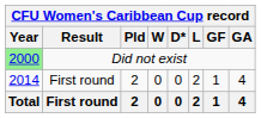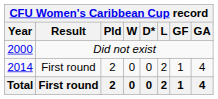 <table class="wikitable" style="text-align: center;">
 <tr>
 <th colspan=8><a href='#'>CFU Women's Caribbean Cup</a> record</th>
 </tr>
 <tr>
 <th>Year</th>
 <th>Result</th>
 <th>Pld</th>
 <th>W</th>
 <th>D*</th>
 <th>L</th>
 <th>GF</th>
 <th>GA</th>
 </tr>
 <tr>
-<td style="background: lightgreen;"> <a href='#'>2000</a></td>
+<td> <a href='#'>2000</a></td>
 <td colspan=7><em>Did not exist</em></td>
 </tr>
 <tr>
 <td> <a href='#'>2014</a></td>
 <td>First round</td>
 <td>2</td>
 <td>0</td>
 <td>0</td>
 <td>2</td>
 <td>1</td>
 <td>4</td>
 </tr>
 <tr>
 <th>Total</th>
 <th>First round</th>
 <th>2</th>
 <th>0</th>
 <th>0</th>
 <th>2</th>
 <th>1</th>
 <th>4</th>
 </tr>
 </table>
